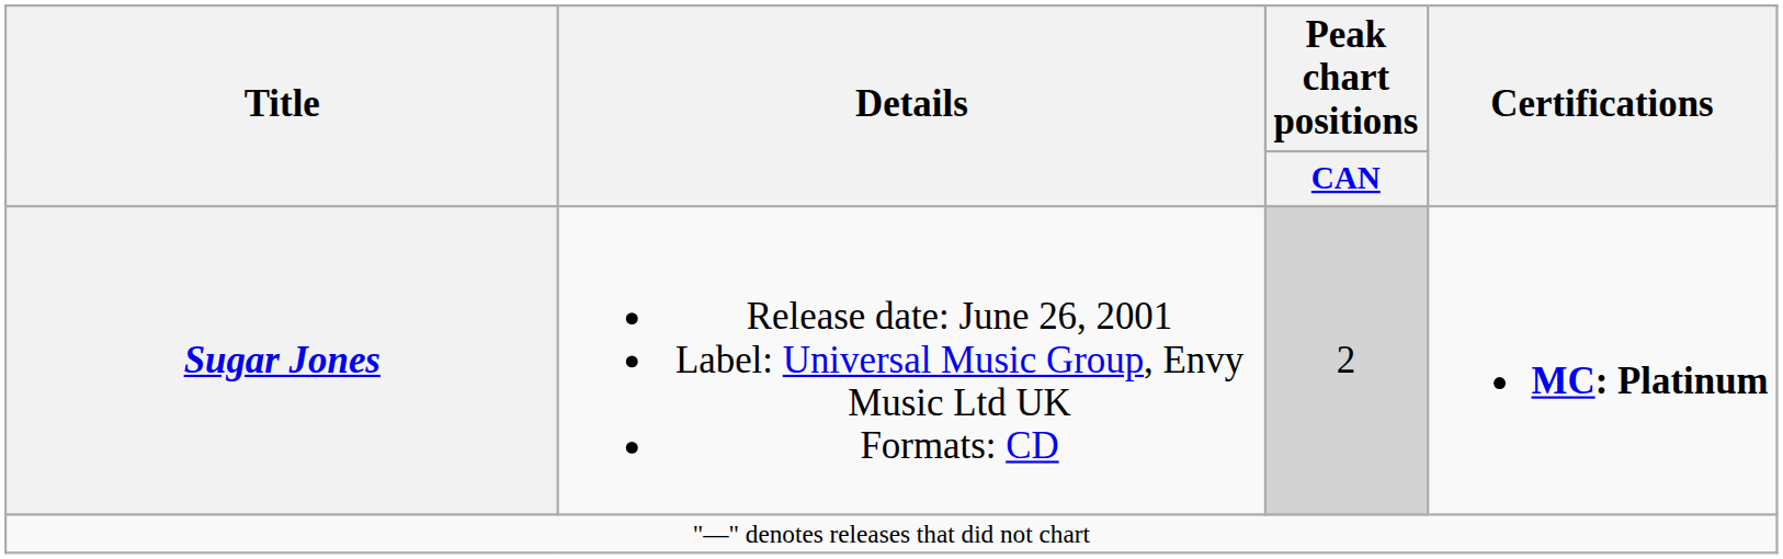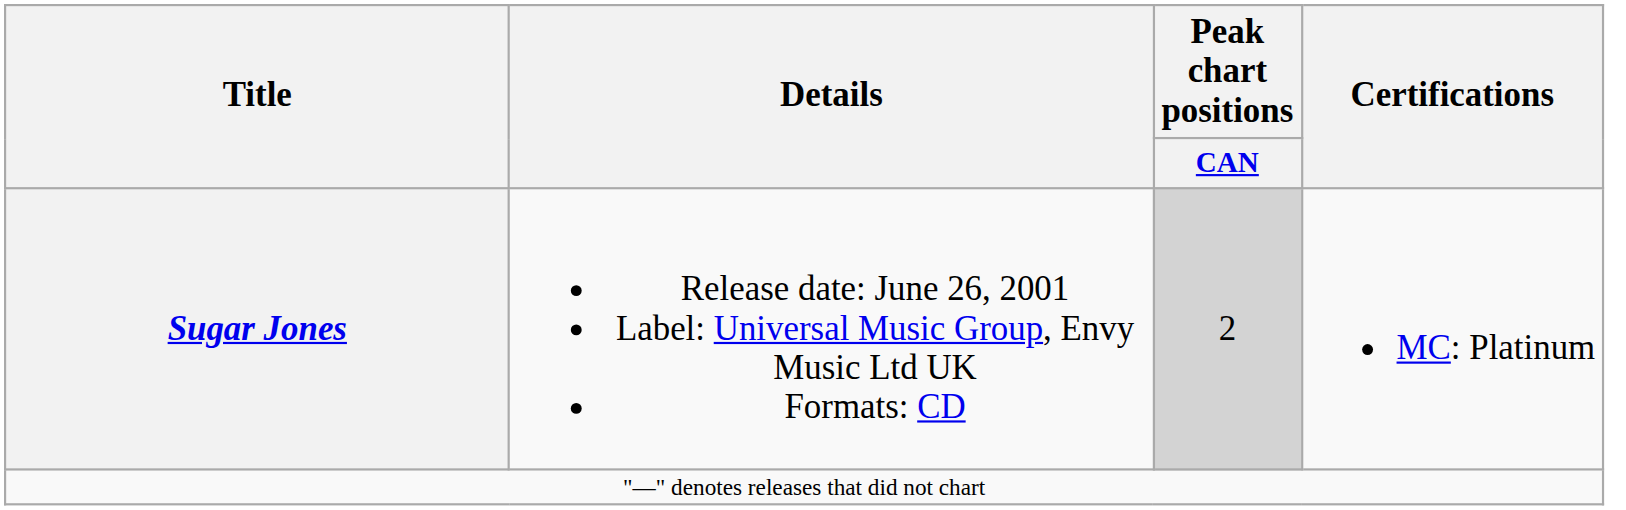 <table class="wikitable plainrowheaders" style="text-align:center;">
 <tr>
 <th rowspan="2" style="width:14em;">Title</th>
 <th rowspan="2" style="width:18em;">Details</th>
 <th colspan="1">Peak chart positions</th>
 <th scope="col" rowspan="2">Certifications</th>
 </tr>
 <tr style="font-size:smaller;">
 <th style="width:45px;"><a href='#'>CAN</a></th>
 </tr>
 <tr>
 <th scope="row"><em><a href='#'>Sugar Jones</a></em></th>
 <td><br><ul><li>Release date: June 26, 2001</li><li>Label: <a href='#'>Universal Music Group</a>, Envy Music Ltd UK</li><li>Formats: <a href='#'>CD</a></li></ul></td>
 <td style="background: lightgrey;">2</td>
-<td><strong><br><ul><li><a href='#'>MC</a>: Platinum</li></ul></strong></td>
+<td><br><ul><li><a href='#'>MC</a>: Platinum</li></ul></td>
 </tr>
 <tr>
 <td colspan="10" style="font-size:8pt">"—" denotes releases that did not chart</td>
 </tr>
 </table>
